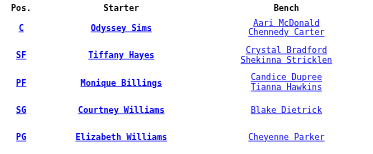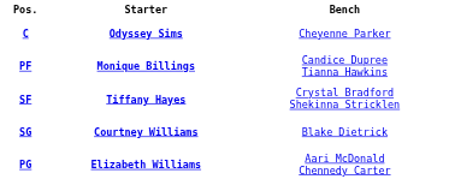 <table style="text-align:center; ">
 <tr>
 <th width="50">Pos.</th>
 <th width="250">Starter</th>
 <th width="250">Bench</th>
 </tr>
 <tr style="height:40px; background:white; color:#092C57">
 <th><a href='#'><span>C</span></a></th>
 <td><strong><a href='#'>Odyssey Sims</a></strong></td>
-<td><a href='#'>Aari McDonald</a><br><a href='#'>Chennedy Carter</a></td>
+<td><a href='#'>Cheyenne Parker</a></td>
+</tr>
+<tr style="height:40px; background:white; color:#092C57">
+<th><a href='#'><span>PF</span></a></th>
+<td><strong><a href='#'>Monique Billings</a></strong></td>
+<td><a href='#'>Candice Dupree</a><br><a href='#'>Tianna Hawkins</a></td>
 </tr>
 <tr style="height:40px; background:white; color:#092C57">
 <th><a href='#'><span>SF</span></a></th>
 <td><strong><a href='#'>Tiffany Hayes</a></strong></td>
 <td><a href='#'>Crystal Bradford</a><br><a href='#'>Shekinna Stricklen</a></td>
-</tr>
-<tr style="height:40px; background:white; color:#092C57">
-<th><a href='#'><span>PF</span></a></th>
-<td><strong><a href='#'>Monique Billings</a></strong></td>
-<td><a href='#'>Candice Dupree</a><br><a href='#'>Tianna Hawkins</a></td>
 </tr>
 <tr style="height:40px; background:white; color:#092C57">
 <th><a href='#'><span>SG</span></a></th>
 <td><strong><a href='#'>Courtney Williams</a></strong></td>
 <td><a href='#'>Blake Dietrick</a></td>
 </tr>
 <tr style="height:40px; background:white; color:#092C57">
 <th><a href='#'><span>PG</span></a></th>
 <td><strong><a href='#'>Elizabeth Williams</a></strong></td>
-<td><a href='#'>Cheyenne Parker</a></td>
+<td><a href='#'>Aari McDonald</a><br><a href='#'>Chennedy Carter</a></td>
 </tr>
 </table>
